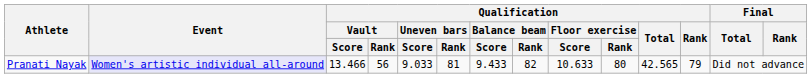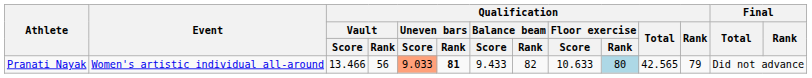 <table class="wikitable" style="font-size:90%">
 <tr>
 <th rowspan=3>Athlete</th>
 <th rowspan=3>Event</th>
 <th colspan=10>Qualification</th>
 <th colspan=2>Final</th>
 </tr>
 <tr>
 <th colspan=2>Vault</th>
 <th colspan=2>Uneven bars</th>
 <th colspan=2>Balance beam</th>
 <th colspan=2>Floor exercise</th>
 <th rowspan=2>Total</th>
 <th rowspan=2>Rank</th>
 <th rowspan=2>Total</th>
 <th rowspan=2>Rank</th>
 </tr>
 <tr>
 <th>Score</th>
 <th>Rank</th>
 <th>Score</th>
 <th>Rank</th>
 <th>Score</th>
 <th>Rank</th>
 <th>Score</th>
 <th>Rank</th>
 </tr>
 <tr align=center>
 <td align=left><a href='#'>Pranati Nayak</a></td>
-<td align=left style="background: lavender;"><a href='#'>Women's artistic individual all-around</a></td>
+<td align=left><a href='#'>Women's artistic individual all-around</a></td>
 <td>13.466</td>
 <td>56</td>
-<td>9.033</td>
-<td>81</td>
+<td style="background: lightsalmon;">9.033</td>
+<td><strong>81</strong></td>
 <td>9.433</td>
 <td>82</td>
 <td>10.633</td>
-<td>80</td>
+<td style="background: lightblue;">80</td>
 <td>42.565</td>
 <td>79</td>
 <td colspan="2">Did not advance</td>
 </tr>
 </table>
